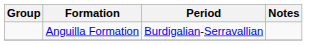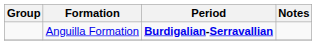 <table class="wikitable sortable">
 <tr>
 <th>Group</th>
 <th>Formation</th>
 <th>Period</th>
 <th class="unsortable">Notes</th>
 </tr>
 <tr>
 <td></td>
 <td><a href='#'>Anguilla Formation</a></td>
-<td style="background-color: "><a href='#'>Burdigalian</a>-<a href='#'>Serravallian</a></td>
+<td style="background-color: "><strong><a href='#'>Burdigalian</a>-<a href='#'>Serravallian</a></strong></td>
 <td align=center></td>
 </tr>
 <tr>
 </tr>
 </table>
